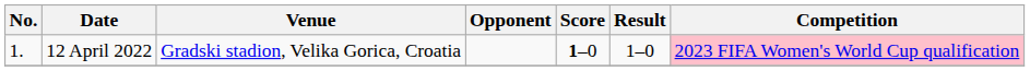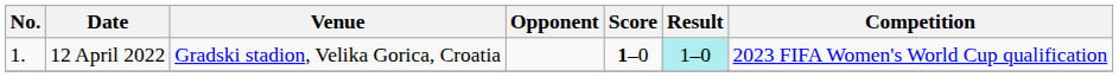 <table class="wikitable">
 <tr>
 <th>No.</th>
 <th>Date</th>
 <th>Venue</th>
 <th>Opponent</th>
 <th>Score</th>
 <th>Result</th>
 <th>Competition</th>
 </tr>
 <tr>
 <td>1.</td>
 <td>12 April 2022</td>
 <td><a href='#'>Gradski stadion</a>, Velika Gorica, Croatia</td>
 <td></td>
 <td align=center><strong>1</strong>–0</td>
-<td align=center>1–0</td>
-<td style="background: pink;"><a href='#'>2023 FIFA Women's World Cup qualification</a></td>
+<td align=center style="background: paleturquoise;">1–0</td>
+<td><a href='#'>2023 FIFA Women's World Cup qualification</a></td>
 </tr>
 <tr>
 </tr>
 </table>
